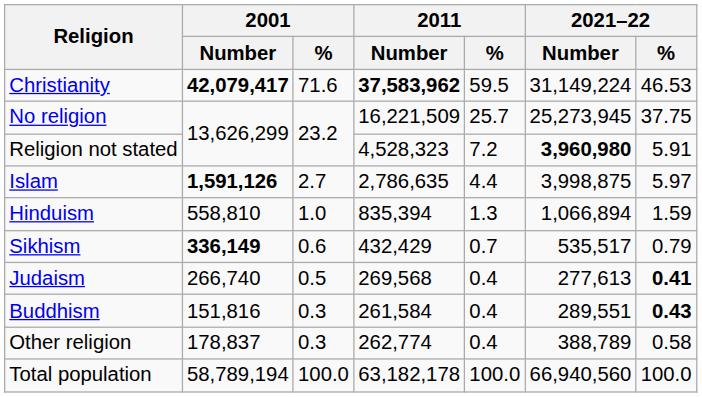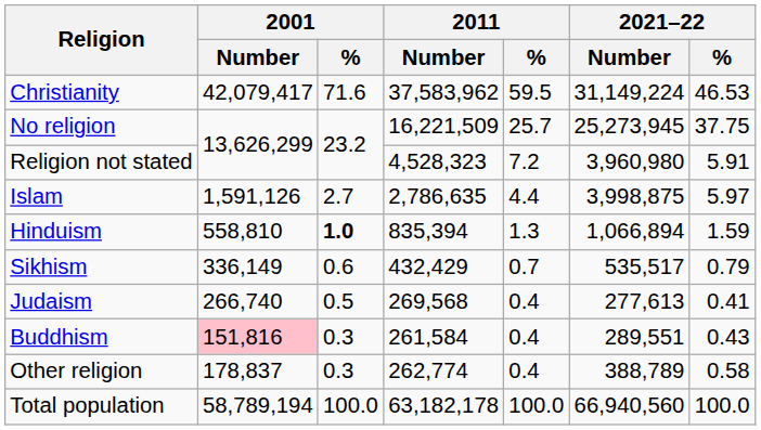 <table class="wikitable sortable">
 <tr>
 <th rowspan="2">Religion</th>
 <th colspan="2">2001</th>
 <th colspan="2">2011</th>
 <th colspan="2">2021–22</th>
 </tr>
 <tr>
 <th>Number</th>
 <th>%</th>
 <th>Number</th>
 <th>%</th>
 <th>Number</th>
 <th>%</th>
 </tr>
 <tr>
 <td><a href='#'>Christianity</a></td>
-<td><strong>42,079,417</strong></td>
+<td>42,079,417</td>
 <td>71.6</td>
-<td><strong>37,583,962</strong></td>
+<td>37,583,962</td>
 <td>59.5</td>
 <td align="right">31,149,224</td>
 <td align="right">46.53</td>
 </tr>
 <tr>
 <td><a href='#'>No religion</a></td>
 <td rowspan="2">13,626,299</td>
 <td rowspan="2">23.2</td>
 <td>16,221,509</td>
 <td>25.7</td>
 <td align="right">25,273,945</td>
 <td align="right">37.75</td>
 </tr>
 <tr>
 <td>Religion not stated</td>
 <td>4,528,323</td>
 <td>7.2</td>
-<td align="right"><strong>3,960,980</strong></td>
+<td align="right">3,960,980</td>
 <td align="right">5.91</td>
 </tr>
 <tr>
 <td><a href='#'>Islam</a></td>
-<td><strong>1,591,126</strong></td>
+<td>1,591,126</td>
 <td>2.7</td>
 <td>2,786,635</td>
 <td>4.4</td>
 <td align="right">3,998,875</td>
 <td align="right">5.97</td>
 </tr>
 <tr>
 <td><a href='#'>Hinduism</a></td>
 <td>558,810</td>
-<td>1.0</td>
+<td><strong>1.0</strong></td>
 <td>835,394</td>
 <td>1.3</td>
 <td align="right">1,066,894</td>
 <td align="right">1.59</td>
 </tr>
 <tr>
 <td><a href='#'>Sikhism</a></td>
-<td><strong>336,149</strong></td>
+<td>336,149</td>
 <td>0.6</td>
 <td>432,429</td>
 <td>0.7</td>
 <td align="right">535,517</td>
 <td align="right">0.79</td>
 </tr>
 <tr>
 <td><a href='#'>Judaism</a></td>
 <td>266,740</td>
 <td>0.5</td>
 <td>269,568</td>
 <td>0.4</td>
 <td align="right">277,613</td>
-<td align="right"><strong>0.41</strong></td>
+<td align="right">0.41</td>
 </tr>
 <tr>
 <td><a href='#'>Buddhism</a></td>
-<td>151,816</td>
+<td style="background: pink;">151,816</td>
 <td>0.3</td>
 <td>261,584</td>
 <td>0.4</td>
 <td align="right">289,551</td>
-<td align="right"><strong>0.43</strong></td>
+<td align="right">0.43</td>
 </tr>
 <tr>
 <td>Other religion</td>
 <td>178,837</td>
 <td>0.3</td>
 <td>262,774</td>
 <td>0.4</td>
 <td align="right">388,789</td>
 <td align="right">0.58</td>
 </tr>
 <tr>
 <td>Total population</td>
 <td>58,789,194</td>
 <td>100.0</td>
 <td>63,182,178</td>
 <td>100.0</td>
 <td align="right">66,940,560</td>
 <td align="right">100.0</td>
 </tr>
 </table>
